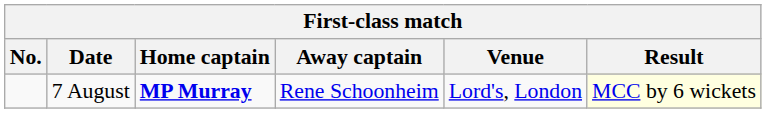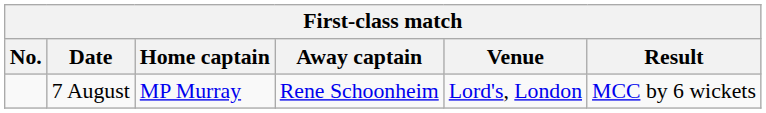 <table class="wikitable">
 <tr>
 <th colspan="9">First-class match</th>
 </tr>
 <tr>
 <th>No.</th>
 <th>Date</th>
 <th>Home captain</th>
 <th>Away captain</th>
 <th>Venue</th>
 <th>Result</th>
 </tr>
 <tr>
 <td></td>
 <td>7 August</td>
-<td><strong><a href='#'>MP Murray</a></strong></td>
+<td><a href='#'>MP Murray</a></td>
 <td><a href='#'>Rene Schoonheim</a></td>
 <td><a href='#'>Lord's</a>, <a href='#'>London</a></td>
-<td style="background: lightyellow;"><a href='#'>MCC</a> by 6 wickets</td>
+<td><a href='#'>MCC</a> by 6 wickets</td>
 </tr>
 </table>
